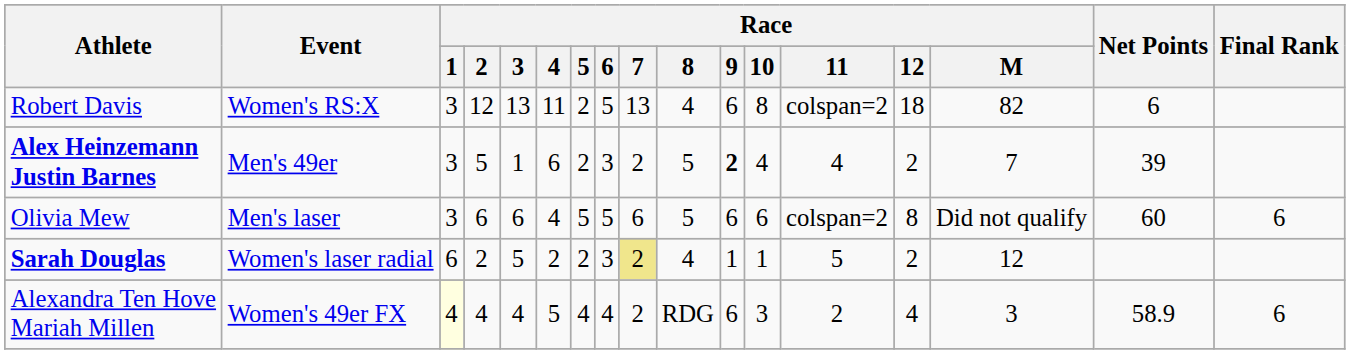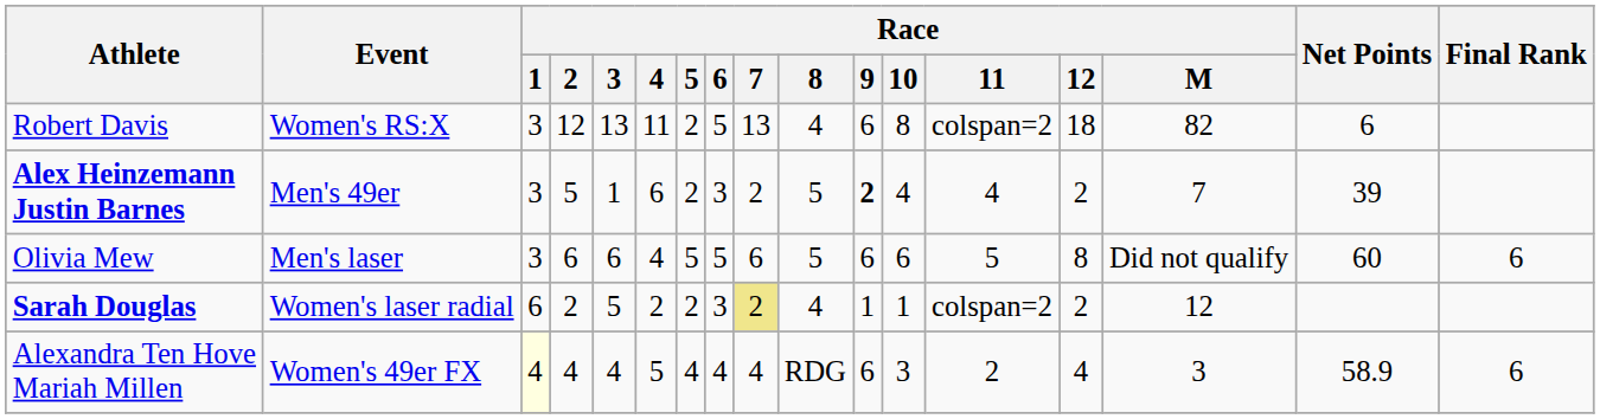 <table class="wikitable" style="font-size:90%">
 <tr>
 <th rowspan=2>Athlete</th>
 <th rowspan=2>Event</th>
 <th colspan=13>Race</th>
 <th rowspan=2>Net Points</th>
 <th rowspan=2>Final Rank</th>
 </tr>
 <tr>
 <th>1</th>
 <th>2</th>
 <th>3</th>
 <th>4</th>
 <th>5</th>
 <th>6</th>
 <th>7</th>
 <th>8</th>
 <th>9</th>
 <th>10</th>
 <th>11</th>
 <th>12</th>
 <th>M</th>
 </tr>
 <tr align=center>
 <td align=left><a href='#'>Robert Davis</a></td>
 <td align=left><a href='#'>Women's RS:X</a></td>
 <td>3</td>
 <td>12</td>
 <td>13</td>
 <td>11</td>
 <td>2</td>
 <td>5</td>
 <td>13</td>
 <td>4</td>
 <td>6</td>
 <td>8</td>
 <td>colspan=2 </td>
 <td>18</td>
 <td>82</td>
 <td>6</td>
 </tr>
 <tr align=center>
 <td align=left><strong><a href='#'>Alex Heinzemann</a><br><a href='#'>Justin Barnes</a></strong></td>
 <td align=left><a href='#'>Men's 49er</a></td>
 <td>3</td>
 <td>5</td>
 <td>1</td>
 <td>6</td>
 <td>2</td>
 <td>3</td>
 <td>2</td>
 <td>5</td>
 <td><strong>2</strong></td>
 <td>4</td>
 <td>4</td>
 <td>2</td>
 <td>7</td>
 <td>39</td>
 <td></td>
 </tr>
 <tr align=center>
 <td align=left><a href='#'>Olivia Mew</a></td>
 <td align=left><a href='#'>Men's laser</a></td>
 <td>3</td>
 <td>6</td>
 <td>6</td>
 <td>4</td>
 <td>5</td>
 <td>5</td>
 <td>6</td>
 <td>5</td>
 <td>6</td>
 <td>6</td>
-<td>colspan=2 </td>
+<td>5</td>
 <td>8</td>
 <td>Did not qualify</td>
 <td>60</td>
 <td>6</td>
 </tr>
 <tr align=center>
 <td align=left><strong><a href='#'>Sarah Douglas</a></strong></td>
 <td align=left><a href='#'>Women's laser radial</a></td>
 <td>6</td>
 <td>2</td>
 <td>5</td>
 <td>2</td>
 <td>2</td>
 <td>3</td>
 <td style="background: khaki;">2</td>
 <td>4</td>
 <td>1</td>
 <td>1</td>
-<td>5</td>
+<td>colspan=2 </td>
 <td>2</td>
 <td>12</td>
 <td></td>
 </tr>
 <tr align=center>
 <td align=left><a href='#'>Alexandra Ten Hove</a><br><a href='#'>Mariah Millen</a></td>
 <td align=left><a href='#'>Women's 49er FX</a></td>
 <td style="background: lightyellow;">4</td>
 <td>4</td>
 <td>4</td>
 <td>5</td>
 <td>4</td>
 <td>4</td>
-<td>2</td>
+<td>4</td>
 <td>RDG</td>
 <td>6</td>
 <td>3</td>
 <td>2</td>
 <td>4</td>
 <td>3</td>
 <td>58.9</td>
 <td>6</td>
 </tr>
 </table>
